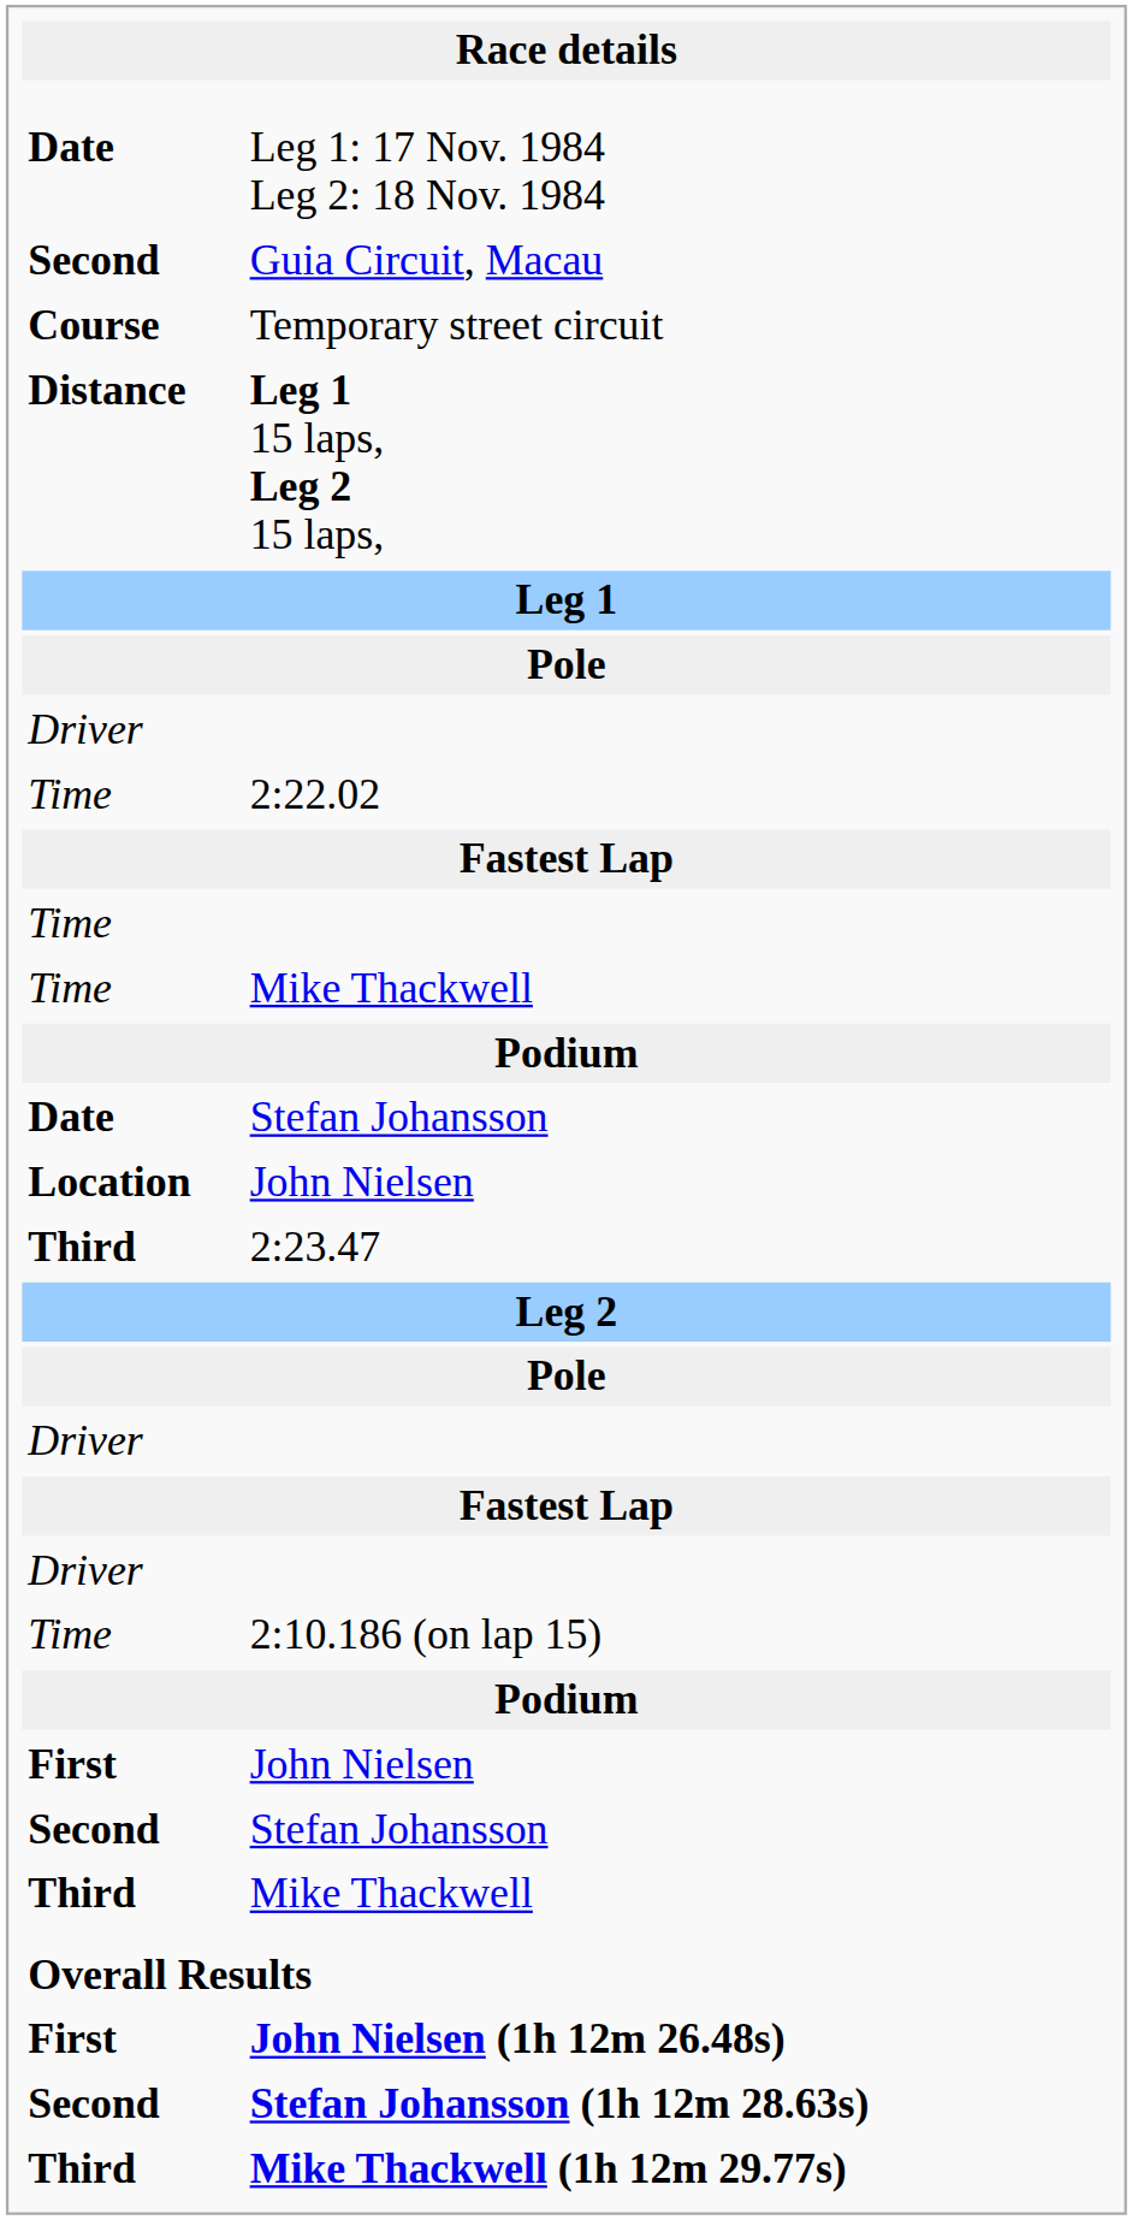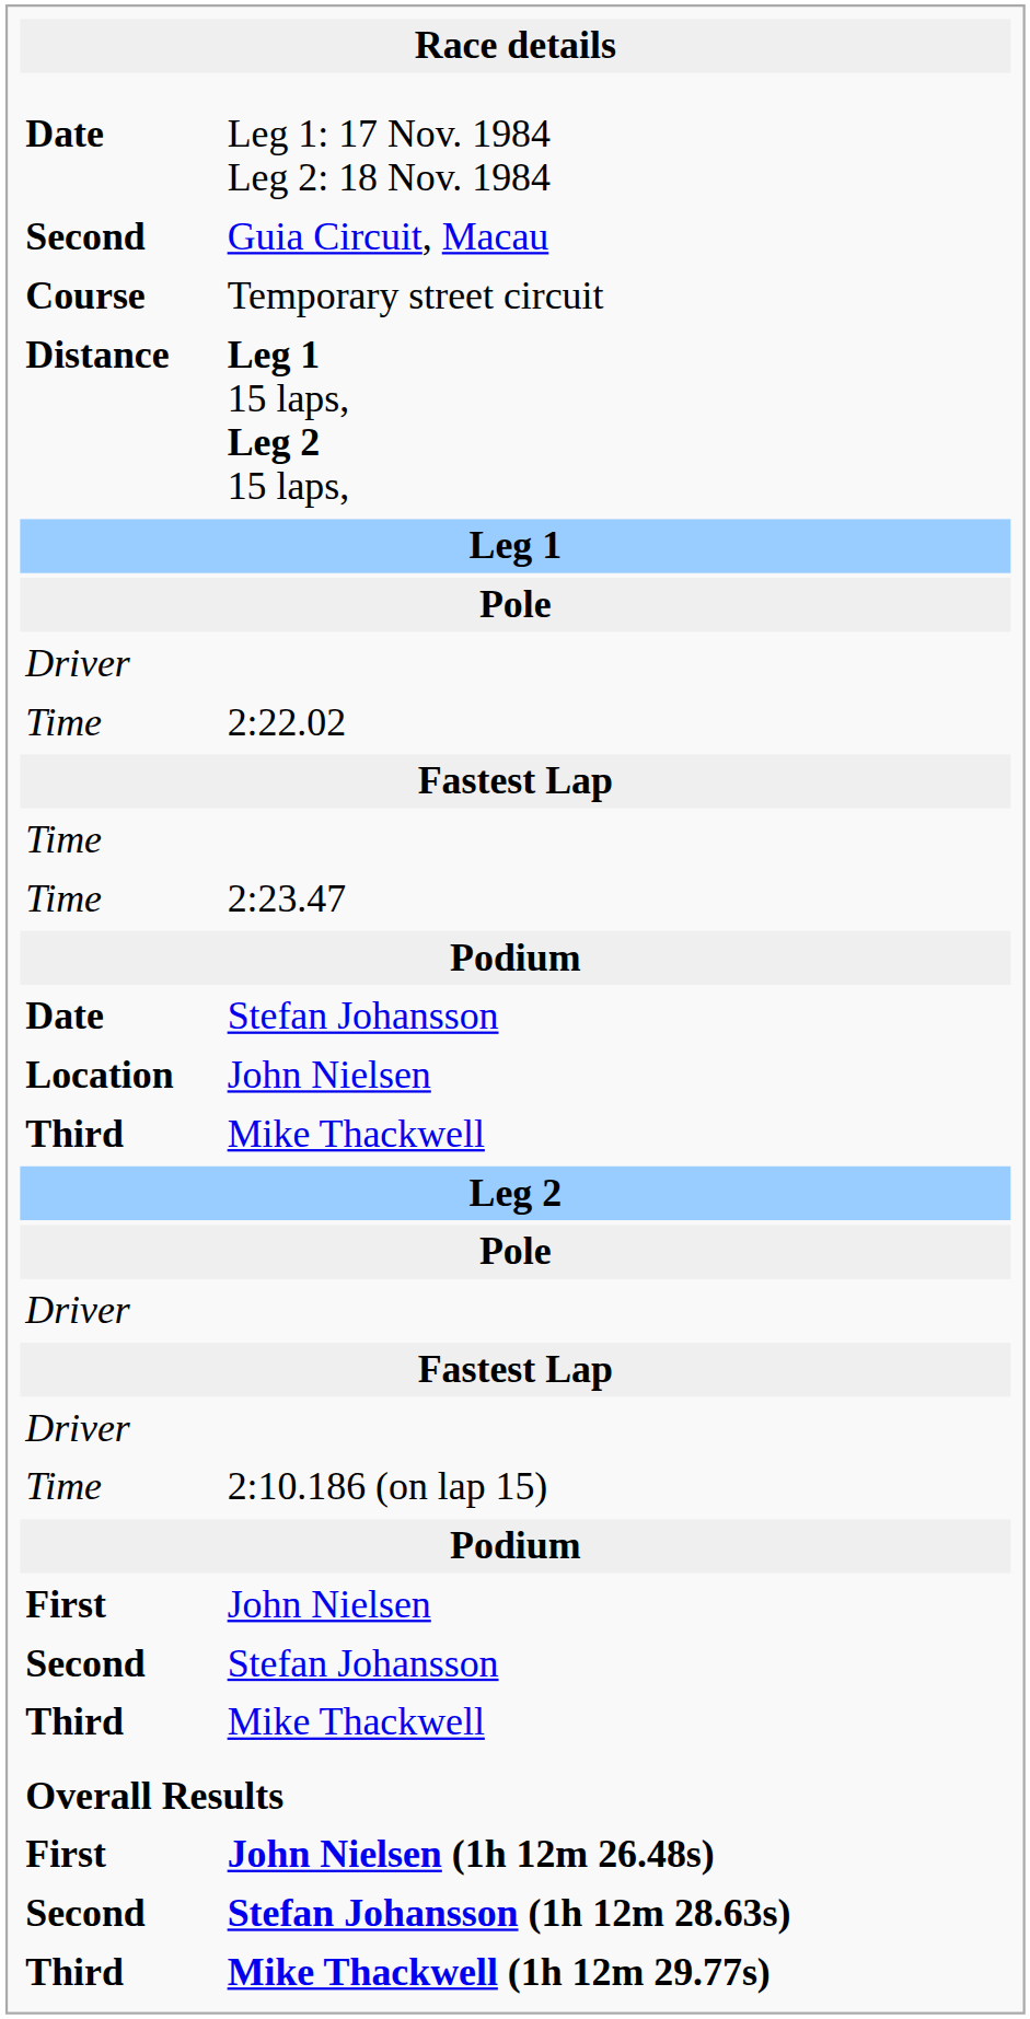 <table class="infobox" align="right" cellpadding="2" style="float:right; width: 26em; ">
 <tr>
 <th colspan="2" bgcolor="#efefef">Race details</th>
 </tr>
 <tr>
 <td colspan="2" style="text-align:center;"></td>
 </tr>
 <tr>
 <td colspan="2" style="text-align:center;"></td>
 </tr>
 <tr>
 <td style="width: 20%;"><strong>Date</strong></td>
 <td>Leg 1: 17 Nov. 1984<br>Leg 2: 18 Nov. 1984</td>
 </tr>
 <tr>
 <td><strong>Second</strong></td>
 <td><a href='#'>Guia Circuit</a>, <a href='#'>Macau</a></td>
 </tr>
 <tr>
 <td><strong>Course</strong></td>
 <td>Temporary street circuit<br></td>
 </tr>
 <tr>
 <td><strong>Distance</strong></td>
 <td><strong>Leg 1</strong><br>15 laps, <br><strong>Leg 2</strong><br>15 laps, </td>
 </tr>
 <tr>
 <td colspan="2" style="text-align:center; background-color:#99ccff"><strong>Leg 1</strong></td>
 </tr>
 <tr>
 <th colspan="2" bgcolor="#efefef">Pole</th>
 </tr>
 <tr>
 <td><em>Driver</em></td>
 <td></td>
 </tr>
 <tr>
 <td><em>Time</em></td>
 <td>2:22.02</td>
 </tr>
 <tr>
 <th colspan="2" bgcolor="#efefef">Fastest Lap</th>
 </tr>
 <tr>
 <td><em>Time</em></td>
 <td></td>
 </tr>
 <tr>
 <td><em>Time</em></td>
-<td> <a href='#'>Mike Thackwell</a></td>
+<td>2:23.47</td>
 </tr>
 <tr>
 <th colspan="2" bgcolor="#efefef">Podium</th>
 </tr>
 <tr>
 <td style="width: 20%;"><strong>Date</strong></td>
 <td> <a href='#'>Stefan Johansson</a></td>
 </tr>
 <tr>
 <td><strong>Location</strong></td>
 <td> <a href='#'>John Nielsen</a></td>
 </tr>
 <tr>
 <td><strong>Third</strong></td>
-<td>2:23.47</td>
+<td> <a href='#'>Mike Thackwell</a></td>
 </tr>
 <tr>
 <td colspan="2" style="text-align:center; background-color:#99ccff"><strong>Leg 2</strong></td>
 </tr>
 <tr>
 <th colspan="2" bgcolor="#efefef">Pole</th>
 </tr>
 <tr>
 <td><em>Driver</em></td>
 <td></td>
 </tr>
 <tr>
 <th colspan="2" bgcolor="#efefef">Fastest Lap</th>
 </tr>
 <tr>
 <td><em>Driver</em></td>
 <td></td>
 </tr>
 <tr>
 <td><em>Time</em></td>
 <td>2:10.186 (on lap 15)</td>
 </tr>
 <tr>
 <th colspan="2" bgcolor="#efefef">Podium</th>
 </tr>
 <tr>
 <td><strong>First</strong></td>
 <td> <a href='#'>John Nielsen</a></td>
 </tr>
 <tr>
 <td><strong>Second</strong></td>
 <td> <a href='#'>Stefan Johansson</a></td>
 </tr>
 <tr>
 <td><strong>Third</strong></td>
 <td> <a href='#'>Mike Thackwell</a></td>
 </tr>
 <tr>
 <td></td>
 <td></td>
 </tr>
 <tr>
 <td colspan="2"><strong>Overall Results</strong></td>
 </tr>
 <tr>
 <td><strong>First</strong></td>
 <td><strong> <a href='#'>John Nielsen</a> (1h 12m 26.48s)</strong></td>
 </tr>
 <tr>
 <td><strong>Second</strong></td>
 <td><strong> <a href='#'>Stefan Johansson</a> (1h 12m 28.63s)</strong></td>
 </tr>
 <tr>
 <td><strong>Third</strong></td>
 <td><strong> <a href='#'>Mike Thackwell</a> (1h 12m 29.77s)</strong></td>
 </tr>
 </table>
